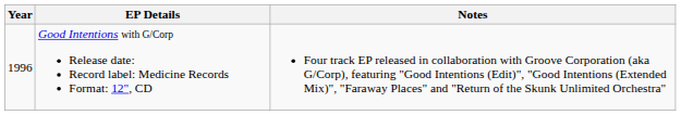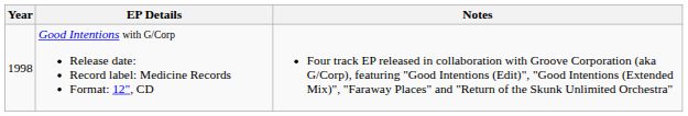 <table class="wikitable">
 <tr>
 <th width=1%>Year</th>
 <th width=35%>EP Details</th>
 <th>Notes</th>
 </tr>
 <tr>
-<td align=center>1996</td>
+<td align=center>1998</td>
 <td><em><a href='#'>Good Intentions</a></em> <small>with G/Corp</small><br><ul><li>Release date:</li><li>Record label: Medicine Records</li><li>Format: <a href='#'>12"</a>, CD</li></ul></td>
 <td><br><ul><li>Four track EP released in collaboration with Groove Corporation (aka G/Corp), featuring "Good Intentions (Edit)", "Good Intentions (Extended Mix)", "Faraway Places" and "Return of the Skunk Unlimited Orchestra"</li></ul></td>
 </tr>
 </table>
